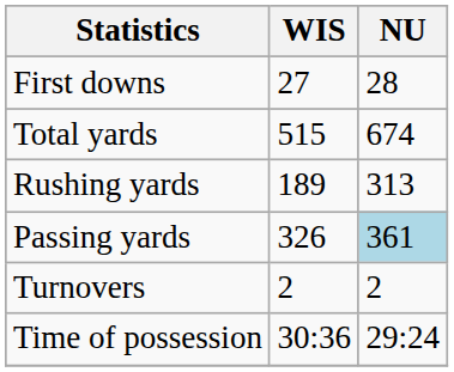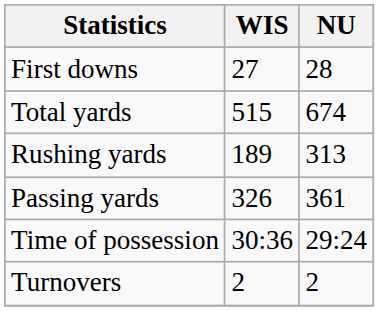 <table class="wikitable">
 <tr>
 <th>Statistics</th>
 <th>WIS</th>
 <th>NU</th>
 </tr>
 <tr>
 <td>First downs</td>
 <td>27</td>
 <td>28</td>
 </tr>
 <tr>
 <td>Total yards</td>
 <td>515</td>
 <td>674</td>
 </tr>
 <tr>
 <td>Rushing yards</td>
 <td>189</td>
 <td>313</td>
 </tr>
 <tr>
 <td>Passing yards</td>
 <td>326</td>
-<td style="background: lightblue;">361</td>
+<td>361</td>
+</tr>
+<tr>
+<td>Time of possession</td>
+<td>30:36</td>
+<td>29:24</td>
 </tr>
 <tr>
 <td>Turnovers</td>
 <td>2</td>
 <td>2</td>
 </tr>
 <tr>
-<td>Time of possession</td>
-<td>30:36</td>
-<td>29:24</td>
-</tr>
-<tr>
 </tr>
 </table>
